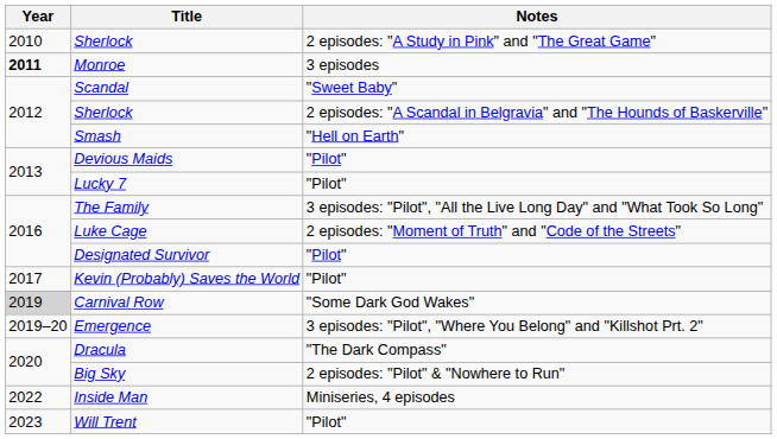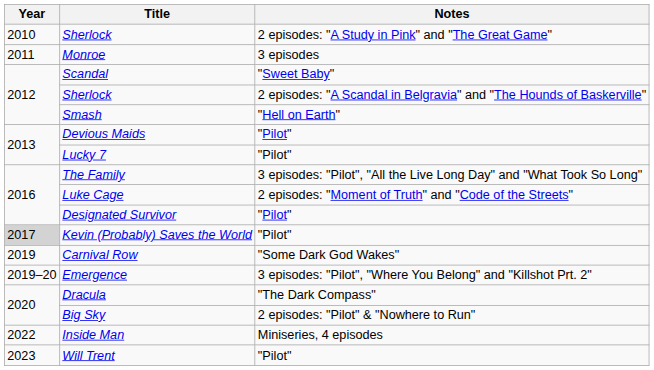 <table class="wikitable sortable">
 <tr>
 <th>Year</th>
 <th>Title</th>
 <th class="unsortable">Notes</th>
 </tr>
 <tr>
 <td>2010</td>
 <td><em><a href='#'>Sherlock</a></em></td>
 <td>2 episodes: "<a href='#'>A Study in Pink</a>" and "<a href='#'>The Great Game</a>"</td>
 </tr>
 <tr>
-<td><strong>2011</strong></td>
+<td>2011</td>
 <td><em><a href='#'>Monroe</a></em></td>
 <td>3 episodes</td>
 </tr>
 <tr>
 <td rowspan="3">2012</td>
 <td><em><a href='#'>Scandal</a></em></td>
 <td>"<a href='#'>Sweet Baby</a>"</td>
 </tr>
 <tr>
 <td><em><a href='#'>Sherlock</a></em></td>
 <td>2 episodes: "<a href='#'>A Scandal in Belgravia</a>" and "<a href='#'>The Hounds of Baskerville</a>"</td>
 </tr>
 <tr>
 <td><em><a href='#'>Smash</a></em></td>
 <td>"<a href='#'>Hell on Earth</a>"</td>
 </tr>
 <tr>
 <td rowspan=2>2013</td>
 <td><em><a href='#'>Devious Maids</a></em></td>
 <td>"<a href='#'>Pilot</a>"</td>
 </tr>
 <tr>
 <td><em><a href='#'>Lucky 7</a></em></td>
 <td>"Pilot"</td>
 </tr>
 <tr>
 <td rowspan="3">2016</td>
 <td><em><a href='#'>The Family</a></em></td>
 <td>3 episodes: "Pilot", "All the Live Long Day" and "What Took So Long"</td>
 </tr>
 <tr>
 <td><em><a href='#'>Luke Cage</a></em></td>
 <td>2 episodes: "<a href='#'>Moment of Truth</a>" and "<a href='#'>Code of the Streets</a>"</td>
 </tr>
 <tr>
 <td><em><a href='#'>Designated Survivor</a></em></td>
 <td>"<a href='#'>Pilot</a>"</td>
 </tr>
 <tr>
-<td>2017</td>
+<td style="background: lightgrey;">2017</td>
 <td><em><a href='#'>Kevin (Probably) Saves the World</a></em></td>
 <td>"Pilot"</td>
 </tr>
 <tr>
-<td style="background: lightgrey;">2019</td>
+<td>2019</td>
 <td><em><a href='#'>Carnival Row</a></em></td>
 <td>"Some Dark God Wakes"</td>
 </tr>
 <tr>
 <td>2019–20</td>
 <td><em><a href='#'>Emergence</a></em></td>
 <td>3 episodes: "Pilot", "Where You Belong" and "Killshot Prt. 2"</td>
 </tr>
 <tr>
 <td rowspan="2">2020</td>
 <td><em><a href='#'>Dracula</a></em></td>
 <td>"The Dark Compass"</td>
 </tr>
 <tr>
 <td><em><a href='#'>Big Sky</a></em></td>
 <td>2 episodes: "Pilot" & "Nowhere to Run"</td>
 </tr>
 <tr>
 <td>2022</td>
 <td><em><a href='#'>Inside Man</a></em></td>
 <td>Miniseries, 4 episodes</td>
 </tr>
 <tr>
 <td>2023</td>
 <td><em><a href='#'>Will Trent</a></em></td>
 <td>"Pilot" </td>
 </tr>
 </table>
